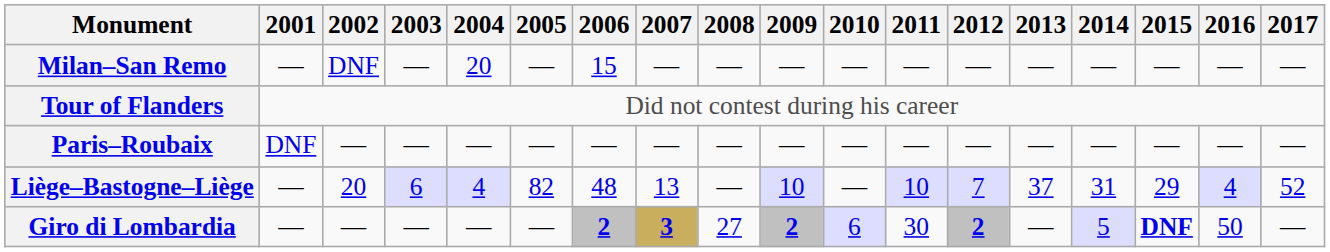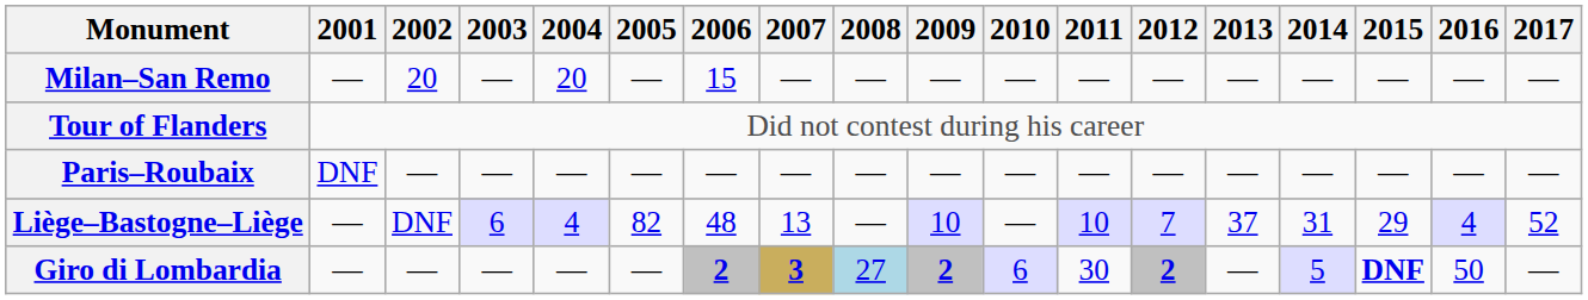 <table class="wikitable plainrowheaders">
 <tr>
 <th scope="col">Monument</th>
 <th scope="col">2001</th>
 <th scope="col">2002</th>
 <th scope="col">2003</th>
 <th scope="col">2004</th>
 <th scope="col">2005</th>
 <th scope="col">2006</th>
 <th scope="col">2007</th>
 <th scope="col">2008</th>
 <th scope="col">2009</th>
 <th scope="col">2010</th>
 <th scope="col">2011</th>
 <th scope="col">2012</th>
 <th scope="col">2013</th>
 <th scope="col">2014</th>
 <th scope="col">2015</th>
 <th scope="col">2016</th>
 <th scope="col">2017</th>
 </tr>
 <tr style="text-align:center;">
 <th scope="row"><a href='#'>Milan–San Remo</a></th>
 <td>—</td>
-<td><a href='#'>DNF</a></td>
+<td><a href='#'>20</a></td>
 <td>—</td>
 <td><a href='#'>20</a></td>
 <td>—</td>
 <td><a href='#'>15</a></td>
 <td>—</td>
 <td>—</td>
 <td>—</td>
 <td>—</td>
 <td>—</td>
 <td>—</td>
 <td>—</td>
 <td>—</td>
 <td>—</td>
 <td>—</td>
 <td>—</td>
 </tr>
 <tr style="text-align:center;">
 <th scope="row"><a href='#'>Tour of Flanders</a></th>
 <td style="color:#4d4d4d;" colspan=17>Did not contest during his career</td>
 </tr>
 <tr style="text-align:center;">
 <th scope="row"><a href='#'>Paris–Roubaix</a></th>
 <td><a href='#'>DNF</a></td>
 <td>—</td>
 <td>—</td>
 <td>—</td>
 <td>—</td>
 <td>—</td>
 <td>—</td>
 <td>—</td>
 <td>—</td>
 <td>—</td>
 <td>—</td>
 <td>—</td>
 <td>—</td>
 <td>—</td>
 <td>—</td>
 <td>—</td>
 <td>—</td>
 </tr>
 <tr style="text-align:center;">
 <th scope="row"><a href='#'>Liège–Bastogne–Liège</a></th>
 <td>—</td>
-<td><a href='#'>20</a></td>
+<td><a href='#'>DNF</a></td>
 <td style="background:#ddf;"><a href='#'>6</a></td>
 <td style="background:#ddf;"><a href='#'>4</a></td>
 <td><a href='#'>82</a></td>
 <td><a href='#'>48</a></td>
 <td><a href='#'>13</a></td>
 <td>—</td>
 <td style="background:#ddf;"><a href='#'>10</a></td>
 <td>—</td>
 <td style="background:#ddf;"><a href='#'>10</a></td>
 <td style="background:#ddf;"><a href='#'>7</a></td>
 <td><a href='#'>37</a></td>
 <td><a href='#'>31</a></td>
 <td><a href='#'>29</a></td>
 <td style="background:#ddf;"><a href='#'>4</a></td>
 <td><a href='#'>52</a></td>
 </tr>
 <tr style="text-align:center;">
 <th scope="row"><a href='#'>Giro di Lombardia</a></th>
 <td>—</td>
 <td>—</td>
 <td>—</td>
 <td>—</td>
 <td>—</td>
 <td style="background:#C0C0C0;"><a href='#'><strong>2</strong></a></td>
 <td style="background:#C9AE5D;"><a href='#'><strong>3</strong></a></td>
-<td><a href='#'>27</a></td>
+<td style="background: lightblue;"><a href='#'>27</a></td>
 <td style="background:#C0C0C0;"><a href='#'><strong>2</strong></a></td>
 <td style="background:#ddf;"><a href='#'>6</a></td>
 <td><a href='#'>30</a></td>
 <td style="background:#C0C0C0;"><a href='#'><strong>2</strong></a></td>
 <td>—</td>
 <td style="background:#ddf;"><a href='#'>5</a></td>
 <td><strong><a href='#'>DNF</a></strong></td>
 <td><a href='#'>50</a></td>
 <td>—</td>
 </tr>
 </table>
